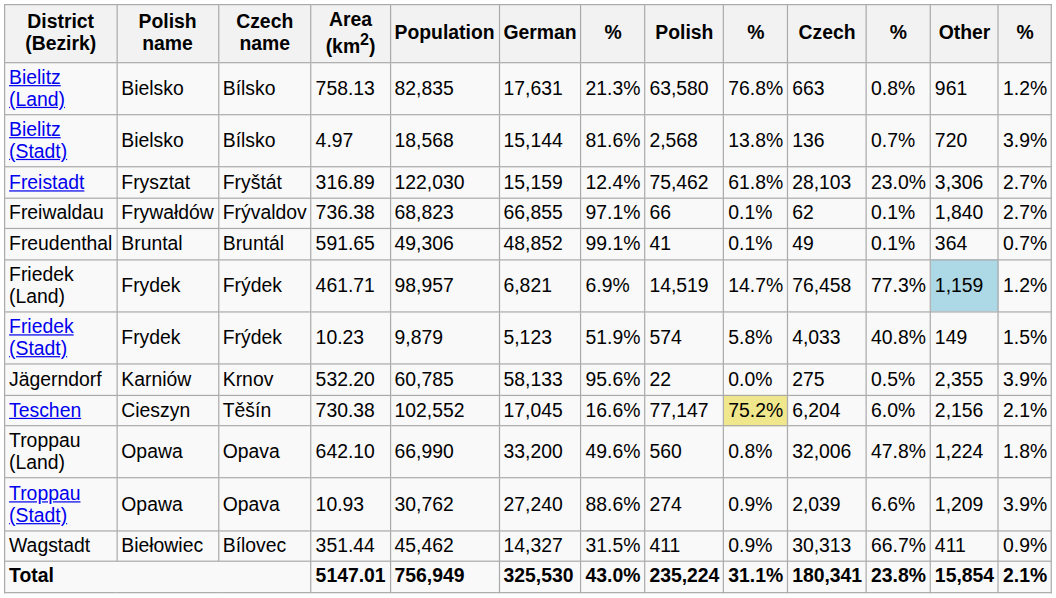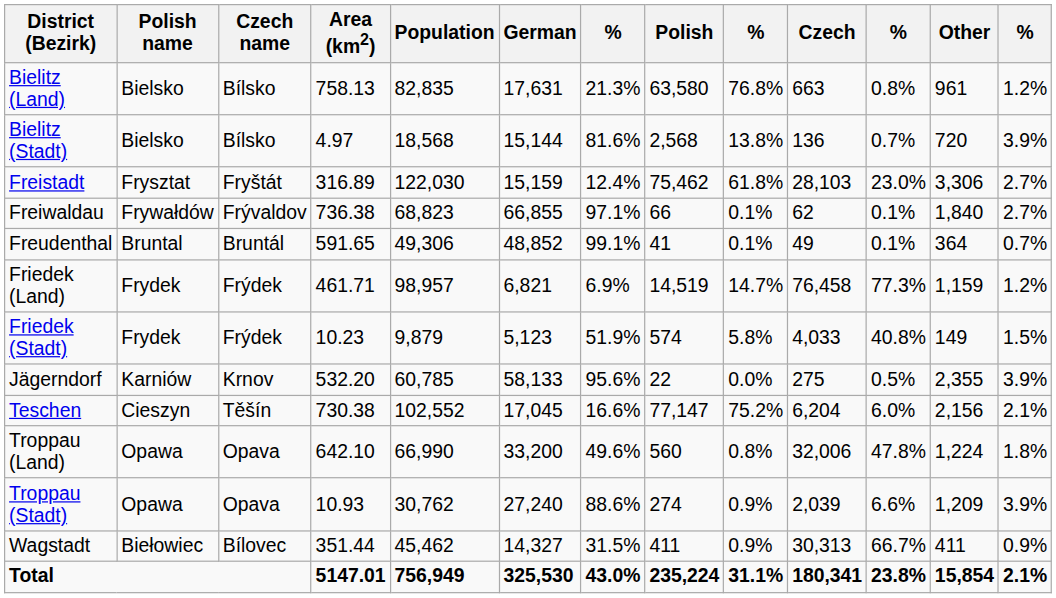 <table class="wikitable sortable">
 <tr>
 <th>District (Bezirk)</th>
 <th>Polish name</th>
 <th>Czech name</th>
 <th>Area<br>(km<sup>2</sup>)</th>
 <th>Population</th>
 <th>German</th>
 <th>%</th>
 <th>Polish</th>
 <th>%</th>
 <th>Czech</th>
 <th>%</th>
 <th>Other</th>
 <th>%</th>
 </tr>
 <tr>
 <td><a href='#'>Bielitz (Land)</a></td>
 <td>Bielsko</td>
 <td>Bílsko</td>
 <td>758.13</td>
 <td>82,835</td>
 <td>17,631</td>
 <td>21.3%</td>
 <td>63,580</td>
 <td>76.8%</td>
 <td>663</td>
 <td>0.8%</td>
 <td>961</td>
 <td>1.2%</td>
 </tr>
 <tr>
 <td><a href='#'>Bielitz (Stadt)</a></td>
 <td>Bielsko</td>
 <td>Bílsko</td>
 <td>4.97</td>
 <td>18,568</td>
 <td>15,144</td>
 <td>81.6%</td>
 <td>2,568</td>
 <td>13.8%</td>
 <td>136</td>
 <td>0.7%</td>
 <td>720</td>
 <td>3.9%</td>
 </tr>
 <tr>
 <td><a href='#'>Freistadt</a></td>
 <td>Frysztat</td>
 <td>Fryštát</td>
 <td>316.89</td>
 <td>122,030</td>
 <td>15,159</td>
 <td>12.4%</td>
 <td>75,462</td>
 <td>61.8%</td>
 <td>28,103</td>
 <td>23.0%</td>
 <td>3,306</td>
 <td>2.7%</td>
 </tr>
 <tr>
 <td>Freiwaldau</td>
 <td>Frywałdów</td>
 <td>Frývaldov</td>
 <td>736.38</td>
 <td>68,823</td>
 <td>66,855</td>
 <td>97.1%</td>
 <td>66</td>
 <td>0.1%</td>
 <td>62</td>
 <td>0.1%</td>
 <td>1,840</td>
 <td>2.7%</td>
 </tr>
 <tr>
 <td>Freudenthal</td>
 <td>Bruntal</td>
 <td>Bruntál</td>
 <td>591.65</td>
 <td>49,306</td>
 <td>48,852</td>
 <td>99.1%</td>
 <td>41</td>
 <td>0.1%</td>
 <td>49</td>
 <td>0.1%</td>
 <td>364</td>
 <td>0.7%</td>
 </tr>
 <tr>
 <td>Friedek (Land)</td>
 <td>Frydek</td>
 <td>Frýdek</td>
 <td>461.71</td>
 <td>98,957</td>
 <td>6,821</td>
 <td>6.9%</td>
 <td>14,519</td>
 <td>14.7%</td>
 <td>76,458</td>
 <td>77.3%</td>
-<td style="background: lightblue;">1,159</td>
+<td>1,159</td>
 <td>1.2%</td>
 </tr>
 <tr>
 <td><a href='#'>Friedek (Stadt)</a></td>
 <td>Frydek</td>
 <td>Frýdek</td>
 <td>10.23</td>
 <td>9,879</td>
 <td>5,123</td>
 <td>51.9%</td>
 <td>574</td>
 <td>5.8%</td>
 <td>4,033</td>
 <td>40.8%</td>
 <td>149</td>
 <td>1.5%</td>
 </tr>
 <tr>
 <td>Jägerndorf</td>
 <td>Karniów</td>
 <td>Krnov</td>
 <td>532.20</td>
 <td>60,785</td>
 <td>58,133</td>
 <td>95.6%</td>
 <td>22</td>
 <td>0.0%</td>
 <td>275</td>
 <td>0.5%</td>
 <td>2,355</td>
 <td>3.9%</td>
 </tr>
 <tr>
 <td><a href='#'>Teschen</a></td>
 <td>Cieszyn</td>
 <td>Těšín</td>
 <td>730.38</td>
 <td>102,552</td>
 <td>17,045</td>
 <td>16.6%</td>
 <td>77,147</td>
-<td style="background: khaki;">75.2%</td>
+<td>75.2%</td>
 <td>6,204</td>
 <td>6.0%</td>
 <td>2,156</td>
 <td>2.1%</td>
 </tr>
 <tr>
 <td>Troppau (Land)</td>
 <td>Opawa</td>
 <td>Opava</td>
 <td>642.10</td>
 <td>66,990</td>
 <td>33,200</td>
 <td>49.6%</td>
 <td>560</td>
 <td>0.8%</td>
 <td>32,006</td>
 <td>47.8%</td>
 <td>1,224</td>
 <td>1.8%</td>
 </tr>
 <tr>
 <td><a href='#'>Troppau (Stadt)</a></td>
 <td>Opawa</td>
 <td>Opava</td>
 <td>10.93</td>
 <td>30,762</td>
 <td>27,240</td>
 <td>88.6%</td>
 <td>274</td>
 <td>0.9%</td>
 <td>2,039</td>
 <td>6.6%</td>
 <td>1,209</td>
 <td>3.9%</td>
 </tr>
 <tr>
 <td>Wagstadt</td>
 <td>Biełowiec</td>
 <td>Bílovec</td>
 <td>351.44</td>
 <td>45,462</td>
 <td>14,327</td>
 <td>31.5%</td>
 <td>411</td>
 <td>0.9%</td>
 <td>30,313</td>
 <td>66.7%</td>
 <td>411</td>
 <td>0.9%</td>
 </tr>
 <tr>
 <td colspan="3"><strong>Total</strong></td>
 <td><strong>5147.01</strong></td>
 <td><strong>756,949</strong></td>
 <td><strong>325,530</strong></td>
 <td><strong>43.0%</strong></td>
 <td><strong>235,224</strong></td>
 <td><strong>31.1%</strong></td>
 <td><strong>180,341</strong></td>
 <td><strong>23.8%</strong></td>
 <td><strong>15,854</strong></td>
 <td><strong>2.1%</strong></td>
 </tr>
 </table>
